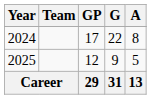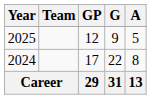 <table class="wikitable" style="text-align: center;">
 <tr>
 <th>Year</th>
 <th>Team</th>
 <th>GP</th>
 <th>G</th>
 <th>A</th>
 </tr>
 <tr>
 </tr>
 <tr>
+<td>2025</td>
+<td><a href='#'></a></td>
+<td>12</td>
+<td>9</td>
+<td>5</td>
+</tr>
+<tr>
 <td>2024</td>
 <td><a href='#'></a></td>
 <td>17</td>
 <td>22</td>
 <td>8</td>
-</tr>
-<tr>
-<td>2025</td>
-<td><a href='#'></a></td>
-<td>12</td>
-<td>9</td>
-<td>5</td>
 </tr>
 <tr>
 <th align=center colspan="2">Career</th>
 <th>29</th>
 <th>31</th>
 <th>13</th>
 </tr>
 </table>
